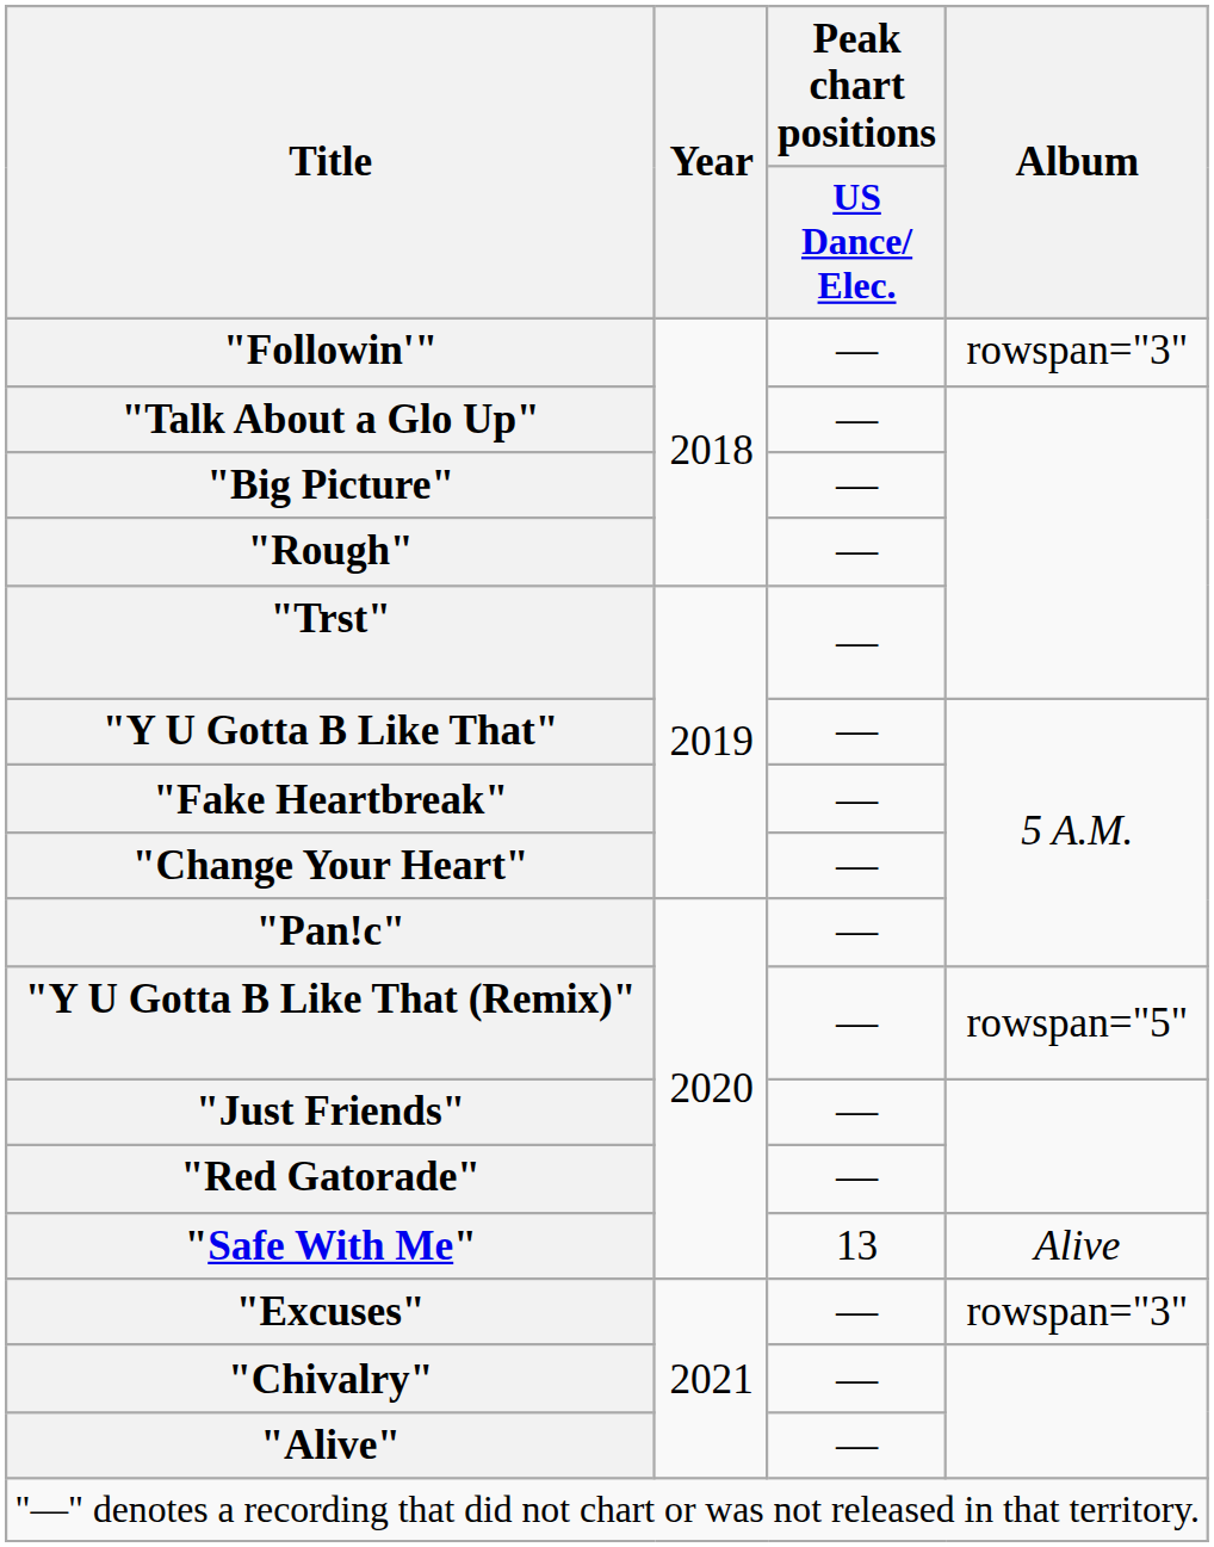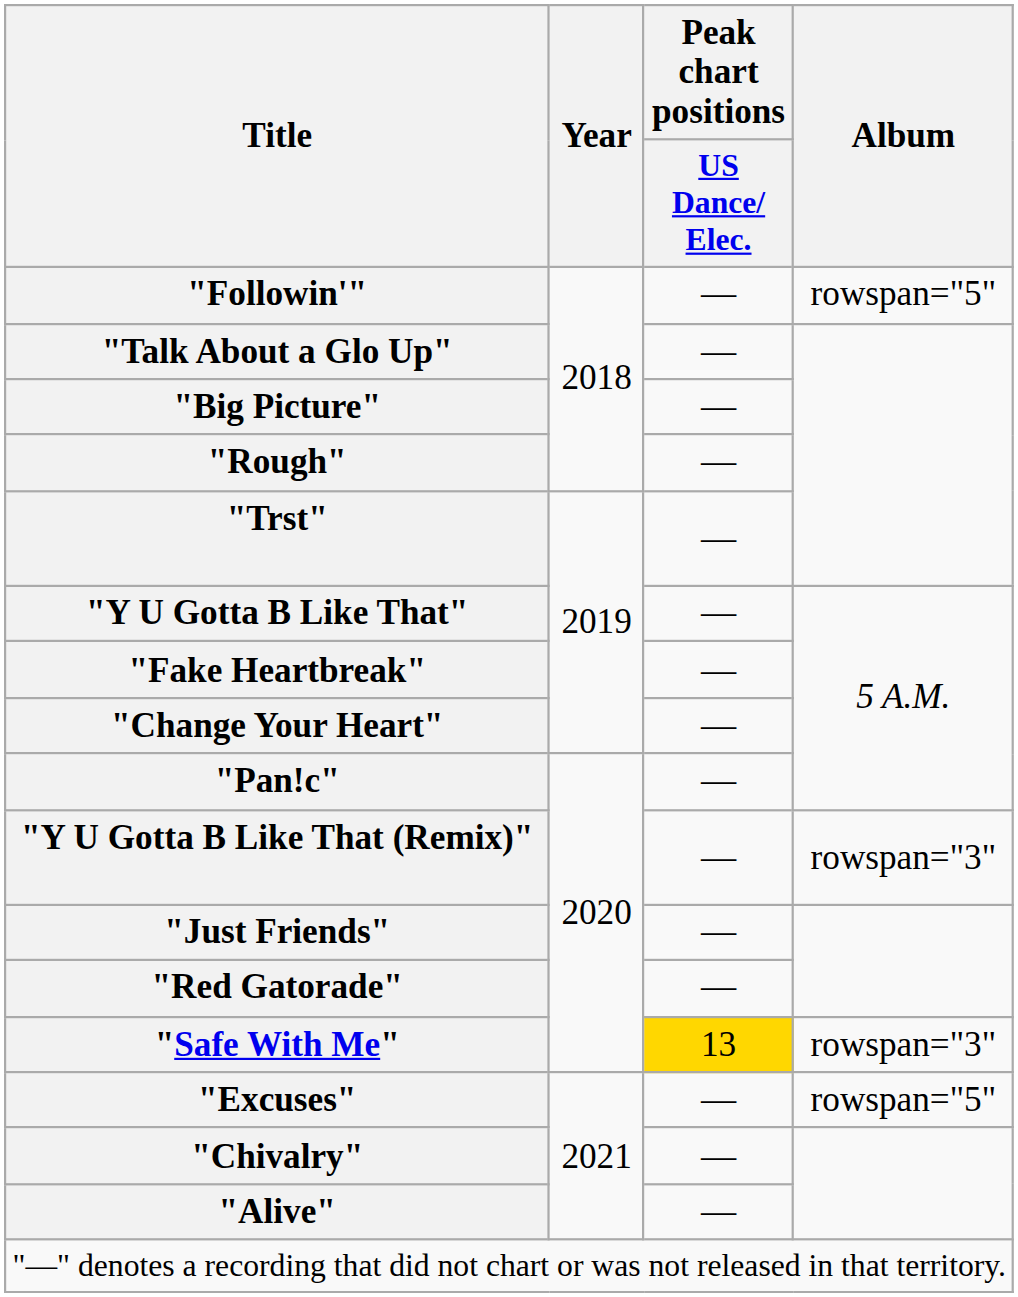 <table class="wikitable plainrowheaders" style="text-align:center;">
 <tr>
 <th scope="col" style="width:15em;" rowspan="2">Title</th>
 <th scope="col" rowspan="2">Year</th>
 <th scope="col">Peak chart positions</th>
 <th scope="col" rowspan="2">Album</th>
 </tr>
 <tr>
 <th scope="col" style="width:2.5em;font-size:90%;"><a href='#'>US<br>Dance/<br>Elec.</a><br></th>
 </tr>
 <tr>
 <th scope="row">"Followin'"</th>
 <td rowspan="4">2018</td>
 <td>—</td>
-<td>rowspan="3" </td>
+<td>rowspan="5" </td>
 </tr>
 <tr>
 <th scope="row">"Talk About a Glo Up"</th>
 <td>—</td>
 </tr>
 <tr>
 <th scope="row">"Big Picture"</th>
 <td>—</td>
 </tr>
 <tr>
 <th scope="row">"Rough"</th>
 <td>—</td>
 </tr>
 <tr>
 <th scope="row">"Trst"<br><br></th>
 <td rowspan="4">2019</td>
 <td>—</td>
 </tr>
 <tr>
 <th scope="row">"Y U Gotta B Like That"</th>
 <td>—</td>
 <td rowspan="4"><em>5 A.M.</em></td>
 </tr>
 <tr>
 <th scope="row">"Fake Heartbreak"</th>
 <td>—</td>
 </tr>
 <tr>
 <th scope="row">"Change Your Heart"</th>
 <td>—</td>
 </tr>
 <tr>
 <th scope="row">"Pan!c"</th>
 <td rowspan="5">2020</td>
 <td>—</td>
 </tr>
 <tr>
 <th scope="row">"Y U Gotta B Like That (Remix)"<br><br></th>
 <td>—</td>
-<td>rowspan="5" </td>
+<td>rowspan="3" </td>
 </tr>
 <tr>
 <th scope="row">"Just Friends"</th>
 <td>—</td>
 </tr>
 <tr>
 <th scope="row">"Red Gatorade"</th>
 <td>—</td>
 </tr>
 <tr>
 <th scope="row">"<a href='#'>Safe With Me</a>"<br></th>
-<td>13</td>
-<td><em>Alive</em></td>
+<td style="background: gold;">13</td>
+<td>rowspan="3" </td>
 </tr>
 <tr>
 <th scope="row">"Excuses"</th>
 <td rowspan="3">2021</td>
 <td>—</td>
-<td>rowspan="3" </td>
+<td>rowspan="5" </td>
 </tr>
 <tr>
 <th scope="row">"Chivalry"</th>
 <td>—</td>
 </tr>
 <tr>
 <th scope="row">"Alive"</th>
 <td>—</td>
 </tr>
 <tr>
 <td colspan="4" style="font-size:90%">"—" denotes a recording that did not chart or was not released in that territory.</td>
 </tr>
 </table>
